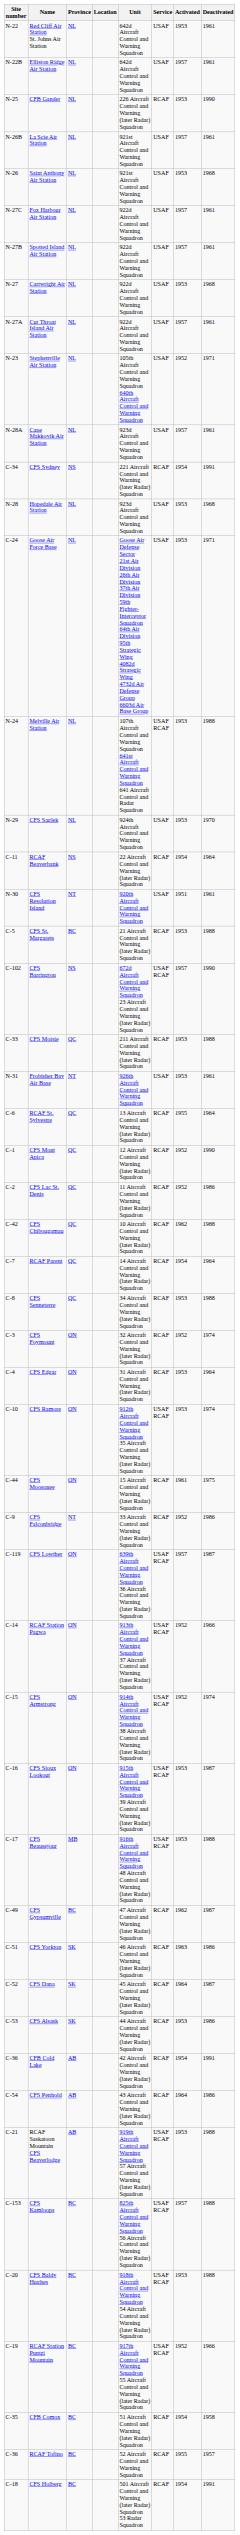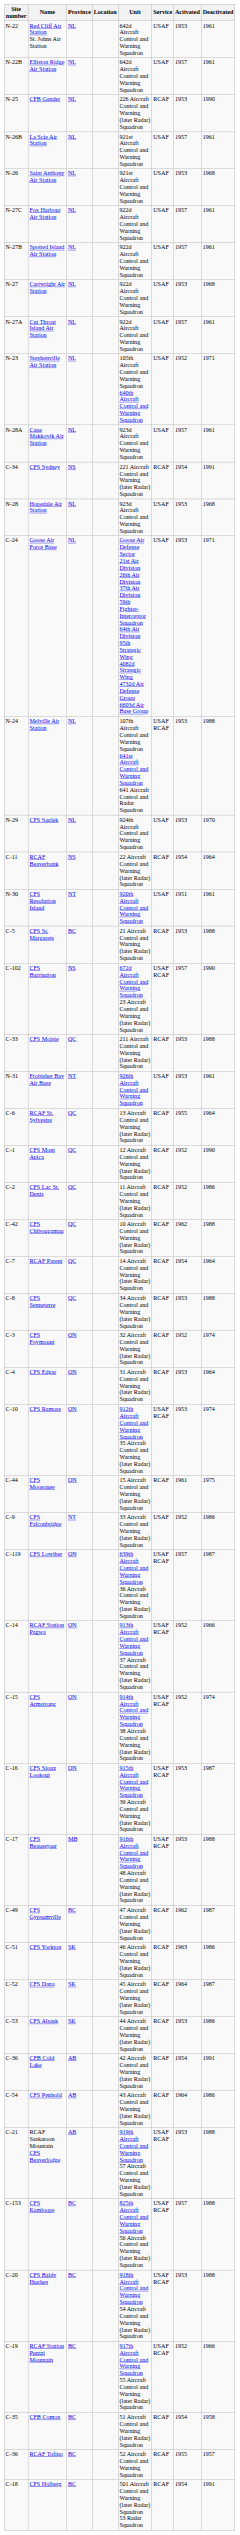 <table class="wikitable sortable">
 <tr>
 <th>Site number</th>
 <th>Name</th>
 <th>Province</th>
 <th>Location</th>
 <th>Unit</th>
 <th>Service</th>
 <th>Activated</th>
 <th>Deactivated</th>
 </tr>
 <tr valign="top">
 <td>N-22</td>
 <td><a href='#'>Red Cliff Air Station</a><br>St. Johns Air Station</td>
 <td><a href='#'>NL</a></td>
 <td> </td>
 <td>642d Aircraft Control and Warning Squadron</td>
 <td>USAF</td>
 <td>1953</td>
 <td>1961</td>
 </tr>
 <tr valign="top">
 <td>N-22B</td>
 <td><a href='#'>Elliston Ridge Air Station</a></td>
 <td><a href='#'>NL</a></td>
 <td> </td>
 <td>642d Aircraft Control and Warning Squadron</td>
 <td>USAF</td>
 <td>1957</td>
 <td>1961</td>
 </tr>
 <tr valign="top">
 <td>N-25</td>
 <td><a href='#'>CFB Gander</a></td>
 <td><a href='#'>NL</a></td>
 <td> </td>
 <td>226 Aircraft Control and Warning (later Radar) Squadron</td>
 <td>RCAF</td>
 <td>1953</td>
 <td>1990</td>
 </tr>
 <tr valign="top">
 <td>N-26B</td>
 <td><a href='#'>La Scie Air Station</a></td>
 <td><a href='#'>NL</a></td>
 <td> </td>
 <td>921st Aircraft Control and Warning Squadron</td>
 <td>USAF</td>
 <td>1957</td>
 <td>1961</td>
 </tr>
 <tr valign="top">
 <td>N-26</td>
 <td><a href='#'>Saint Anthony Air Station</a></td>
 <td><a href='#'>NL</a></td>
 <td> </td>
 <td>921st Aircraft Control and Warning Squadron</td>
 <td>USAF</td>
 <td>1953</td>
 <td>1968</td>
 </tr>
 <tr valign="top">
 <td>N-27C</td>
 <td><a href='#'>Fox Harbour Air Station</a></td>
 <td><a href='#'>NL</a></td>
 <td> </td>
 <td>922d Aircraft Control and Warning Squadron</td>
 <td>USAF</td>
 <td>1957</td>
 <td>1961</td>
 </tr>
 <tr valign="top">
 <td>N-27B</td>
 <td><a href='#'>Spotted Island Air Station</a></td>
 <td><a href='#'>NL</a></td>
 <td> </td>
 <td>922d Aircraft Control and Warning Squadron</td>
 <td>USAF</td>
 <td>1957</td>
 <td>1961</td>
 </tr>
 <tr valign="top">
 <td>N-27</td>
 <td><a href='#'>Cartwright Air Station</a></td>
 <td><a href='#'>NL</a></td>
 <td> </td>
 <td>922d Aircraft Control and Warning Squadron</td>
 <td>USAF</td>
 <td>1953</td>
 <td>1968</td>
 </tr>
 <tr valign="top">
 <td>N-27A</td>
 <td><a href='#'>Cut Throat Island Air Station</a></td>
 <td><a href='#'>NL</a></td>
 <td> </td>
 <td>922d Aircraft Control and Warning Squadron</td>
 <td>USAF</td>
 <td>1957</td>
 <td>1961</td>
 </tr>
 <tr valign="top">
 <td>N-23</td>
 <td><a href='#'>Stephenville Air Station</a></td>
 <td><a href='#'>NL</a></td>
 <td> </td>
 <td>105th Aircraft Control and Warning Squadron<br><a href='#'>640th Aircraft Control and Warning Squadron</a></td>
 <td>USAF</td>
 <td>1952</td>
 <td>1971</td>
 </tr>
 <tr valign="top">
 <td>N-28A</td>
 <td><a href='#'>Cape Makkovik Air Station</a></td>
 <td><a href='#'>NL</a></td>
 <td> </td>
 <td>923d Aircraft Control and Warning Squadron</td>
 <td>USAF</td>
 <td>1957</td>
 <td>1961</td>
 </tr>
 <tr valign="top">
 <td>C-34</td>
 <td><a href='#'>CFS Sydney</a></td>
 <td><a href='#'>NS</a></td>
 <td> </td>
 <td>221 Aircraft Control and Warning (later Radar) Squadron</td>
 <td>RCAF</td>
 <td>1954</td>
 <td>1991</td>
 </tr>
 <tr valign="top">
 <td>N-28</td>
 <td><a href='#'>Hopedale Air Station</a></td>
 <td><a href='#'>NL</a></td>
 <td> </td>
 <td>923d Aircraft Control and Warning Squadron</td>
 <td>USAF</td>
 <td>1953</td>
 <td>1968</td>
 </tr>
 <tr valign="top">
 <td>C-24</td>
 <td><a href='#'>Goose Air Force Base</a></td>
 <td><a href='#'>NL</a></td>
 <td> </td>
 <td><a href='#'>Goose Air Defense Sector</a><br><a href='#'>21st Air Division</a><br><a href='#'>26th Air Division</a><br><a href='#'>37th Air Division</a><br><a href='#'>59th Fighter-Interceptor Squadron</a><br><a href='#'>64th Air Division</a><br><a href='#'>95th Strategic Wing</a><br><a href='#'>4082d Strategic Wing</a><br><a href='#'>4732d Air Defense Group</a><br><a href='#'>6603d Air Base Group</a></td>
 <td>USAF</td>
 <td>1953</td>
 <td>1971</td>
 </tr>
 <tr valign="top">
 <td>N-24</td>
 <td><a href='#'>Melville Air Station</a></td>
 <td><a href='#'>NL</a></td>
 <td> </td>
 <td>107th Aircraft Control and Warning Squadron<br><a href='#'>641st Aircraft Control and Warning Squadron</a><br>641 Aircraft Control and Radar Squadron</td>
 <td>USAF<br>RCAF</td>
 <td>1953</td>
 <td>1988</td>
 </tr>
 <tr valign="top">
 <td>N-29</td>
 <td><a href='#'>CFS Saglek</a></td>
 <td><a href='#'>NL</a></td>
 <td> </td>
 <td>924th Aircraft Control and Warning Squadron</td>
 <td>USAF</td>
 <td>1953</td>
 <td>1970</td>
 </tr>
 <tr valign="top">
 <td>C-11</td>
 <td><a href='#'>RCAF Beaverbank</a></td>
 <td><a href='#'>NS</a></td>
 <td> </td>
 <td>22 Aircraft Control and Warning (later Radar) Squadron</td>
 <td>RCAF</td>
 <td>1954</td>
 <td>1964</td>
 </tr>
 <tr valign="top">
 <td>N-30</td>
 <td><a href='#'>CFS Resolution Island</a></td>
 <td><a href='#'>NT</a></td>
 <td> </td>
 <td><a href='#'>920th Aircraft Control and Warning Squadron</a></td>
 <td>USAF</td>
 <td>1951</td>
 <td>1961</td>
 </tr>
 <tr valign="top">
 <td>C-5</td>
 <td><a href='#'>CFS St. Margarets</a></td>
 <td><a href='#'>BC</a></td>
 <td> </td>
 <td>21 Aircraft Control and Warning (later Radar) Squadron</td>
 <td>RCAF</td>
 <td>1953</td>
 <td>1988</td>
 </tr>
 <tr valign="top">
 <td>C-102</td>
 <td><a href='#'>CFS Barrington</a></td>
 <td><a href='#'>NS</a></td>
 <td> </td>
 <td><a href='#'>672d Aircraft Control and Warning Squadron</a><br>23 Aircraft Control and Warning (later Radar) Squadron</td>
 <td>USAF<br>RCAF</td>
 <td>1957</td>
 <td>1990</td>
 </tr>
 <tr valign="top">
 <td>C-33</td>
 <td><a href='#'>CFS Moisie</a></td>
 <td><a href='#'>QC</a></td>
 <td> </td>
 <td>211 Aircraft Control and Warning (later Radar) Squadron</td>
 <td>RCAF</td>
 <td>1953</td>
 <td>1988</td>
 </tr>
 <tr valign="top">
 <td>N-31</td>
 <td><a href='#'>Frobisher Bay Air Base</a></td>
 <td><a href='#'>NT</a></td>
 <td> </td>
 <td><a href='#'>926th Aircraft Control and Warning Squadron</a></td>
 <td>USAF</td>
 <td>1953</td>
 <td>1961</td>
 </tr>
 <tr valign="top">
 <td>C-6</td>
 <td><a href='#'>RCAF St. Sylvestre</a></td>
 <td><a href='#'>QC</a></td>
 <td> </td>
 <td>13 Aircraft Control and Warning (later Radar) Squadron</td>
 <td>RCAF</td>
 <td>1955</td>
 <td>1964</td>
 </tr>
 <tr valign="top">
 <td>C-1</td>
 <td><a href='#'>CFS Mont Apica</a></td>
 <td><a href='#'>QC</a></td>
 <td> </td>
 <td>12 Aircraft Control and Warning (later Radar) Squadron</td>
 <td>RCAF</td>
 <td>1952</td>
 <td>1990</td>
 </tr>
 <tr valign="top">
 <td>C-2</td>
 <td><a href='#'>CFS Lac St. Denis</a></td>
 <td><a href='#'>QC</a></td>
 <td> </td>
 <td>11 Aircraft Control and Warning (later Radar) Squadron</td>
 <td>RCAF</td>
 <td>1952</td>
 <td>1986</td>
 </tr>
 <tr valign="top">
 <td>C-42</td>
 <td><a href='#'>CFS Chibougamau</a></td>
 <td><a href='#'>QC</a></td>
 <td> </td>
 <td>10 Aircraft Control and Warning (later Radar) Squadron</td>
 <td>RCAF</td>
 <td>1962</td>
 <td>1988</td>
 </tr>
 <tr valign="top">
 <td>C-7</td>
 <td><a href='#'>RCAF Parent</a></td>
 <td><a href='#'>QC</a></td>
 <td> </td>
 <td>14 Aircraft Control and Warning (later Radar) Squadron</td>
 <td>RCAF</td>
 <td>1954</td>
 <td>1964</td>
 </tr>
 <tr valign="top">
 <td>C-8</td>
 <td><a href='#'>CFS Senneterre</a></td>
 <td><a href='#'>QC</a></td>
 <td> </td>
 <td>34 Aircraft Control and Warning (later Radar) Squadron</td>
 <td>RCAF</td>
 <td>1953</td>
 <td>1988</td>
 </tr>
 <tr valign="top">
 <td>C-3</td>
 <td><a href='#'>CFS Foymount</a></td>
 <td><a href='#'>ON</a></td>
 <td> </td>
 <td>32 Aircraft Control and Warning (later Radar) Squadron</td>
 <td>RCAF</td>
 <td>1952</td>
 <td>1974</td>
 </tr>
 <tr valign="top">
 <td>C-4</td>
 <td><a href='#'>CFS Edgar</a></td>
 <td><a href='#'>ON</a></td>
 <td> </td>
 <td>31 Aircraft Control and Warning (later Radar) Squadron</td>
 <td>RCAF</td>
 <td>1953</td>
 <td>1964</td>
 </tr>
 <tr valign="top">
 <td>C-10</td>
 <td><a href='#'>CFS Ramore</a></td>
 <td><a href='#'>ON</a></td>
 <td> </td>
 <td><a href='#'>912th Aircraft Control and Warning Squadron</a><br>35 Aircraft Control and Warning (later Radar) Squadron</td>
 <td>USAF<br>RCAF</td>
 <td>1953</td>
 <td>1974</td>
 </tr>
 <tr valign="top">
 <td>C-44</td>
 <td><a href='#'>CFS Moosonee</a></td>
 <td><a href='#'>ON</a></td>
 <td> </td>
 <td>15 Aircraft Control and Warning (later Radar) Squadron</td>
 <td>RCAF</td>
 <td>1961</td>
 <td>1975</td>
 </tr>
 <tr valign="top">
 <td>C-9</td>
 <td><a href='#'>CFS Falconbridge</a></td>
 <td><a href='#'>NT</a></td>
 <td> </td>
 <td>33 Aircraft Control and Warning (later Radar) Squadron</td>
-<td>RCAF</td>
+<td>USAF</td>
 <td>1952</td>
 <td>1986</td>
 </tr>
 <tr valign="top">
 <td>C-119</td>
 <td><a href='#'>CFS Lowther</a></td>
 <td><a href='#'>ON</a></td>
 <td> </td>
 <td><a href='#'>639th Aircraft Control and Warning Squadron</a><br>36 Aircraft Control and Warning (later Radar) Squadron</td>
 <td>USAF<br>RCAF</td>
 <td>1957</td>
 <td>1987</td>
 </tr>
 <tr valign="top">
 <td>C-14</td>
 <td><a href='#'>RCAF Station Pagwa</a></td>
 <td><a href='#'>ON</a></td>
 <td> </td>
 <td><a href='#'>913th Aircraft Control and Warning Squadron</a><br>37 Aircraft Control and Warning (later Radar) Squadron</td>
 <td>USAF<br>RCAF</td>
 <td>1952</td>
 <td>1966</td>
 </tr>
 <tr valign="top">
 <td>C-15</td>
 <td><a href='#'>CFS Armstrong</a></td>
 <td><a href='#'>ON</a></td>
 <td> </td>
 <td><a href='#'>914th Aircraft Control and Warning Squadron</a><br>38 Aircraft Control and Warning (later Radar) Squadron</td>
 <td>USAF<br>RCAF</td>
 <td>1952</td>
 <td>1974</td>
 </tr>
 <tr valign="top">
 <td>C-16</td>
 <td><a href='#'>CFS Sioux Lookout</a></td>
 <td><a href='#'>ON</a></td>
 <td> </td>
 <td><a href='#'>915th Aircraft Control and Warning Squadron</a><br>39 Aircraft Control and Warning (later Radar) Squadron</td>
 <td>USAF<br>RCAF</td>
 <td>1953</td>
 <td>1987</td>
 </tr>
 <tr valign="top">
 <td>C-17</td>
 <td><a href='#'>CFS Beausejour</a></td>
 <td><a href='#'>MB</a></td>
 <td> </td>
 <td><a href='#'>916th Aircraft Control and Warning Squadron</a><br>48 Aircraft Control and Warning (later Radar) Squadron</td>
 <td>USAF<br>RCAF</td>
 <td>1953</td>
 <td>1988</td>
 </tr>
 <tr valign="top">
 <td>C-49</td>
 <td><a href='#'>CFS Gypsumville</a></td>
 <td><a href='#'>BC</a></td>
 <td> </td>
 <td>47 Aircraft Control and Warning (later Radar) Squadron</td>
 <td>RCAF</td>
 <td>1962</td>
 <td>1987</td>
 </tr>
 <tr valign="top">
 <td>C-51</td>
 <td><a href='#'>CFS Yorkton</a></td>
 <td><a href='#'>SK</a></td>
 <td> </td>
 <td>46 Aircraft Control and Warning (later Radar) Squadron</td>
 <td>RCAF</td>
 <td>1963</td>
 <td>1986</td>
 </tr>
 <tr valign="top">
 <td>C-52</td>
 <td><a href='#'>CFS Dana</a></td>
 <td><a href='#'>SK</a></td>
 <td> </td>
 <td>45 Aircraft Control and Warning (later Radar) Squadron</td>
 <td>RCAF</td>
 <td>1964</td>
 <td>1987</td>
 </tr>
 <tr valign="top">
 <td>C-53</td>
 <td><a href='#'>CFS Alsask</a></td>
 <td><a href='#'>SK</a></td>
 <td> </td>
 <td>44 Aircraft Control and Warning (later Radar) Squadron</td>
 <td>RCAF</td>
 <td>1953</td>
 <td>1986</td>
 </tr>
 <tr valign="top">
 <td>C-36</td>
 <td><a href='#'>CFB Cold Lake</a></td>
 <td><a href='#'>AB</a></td>
 <td> </td>
 <td>42 Aircraft Control and Warning (later Radar) Squadron</td>
 <td>RCAF</td>
 <td>1954</td>
 <td>1991</td>
 </tr>
 <tr valign="top">
 <td>C-54</td>
 <td><a href='#'>CFS Penhold</a></td>
 <td><a href='#'>AB</a></td>
 <td> </td>
 <td>43 Aircraft Control and Warning (later Radar) Squadron</td>
 <td>RCAF</td>
 <td>1964</td>
 <td>1986</td>
 </tr>
 <tr valign="top">
 <td>C-21</td>
 <td>RCAF Saskatoon Mountain<br><a href='#'>CFS Beaverlodge</a></td>
 <td><a href='#'>AB</a></td>
 <td> </td>
 <td><a href='#'>919th Aircraft Control and Warning Squadron</a><br>57 Aircraft Control and Warning (later Radar) Squadron</td>
 <td>USAF<br>RCAF</td>
 <td>1953</td>
 <td>1988</td>
 </tr>
 <tr valign="top">
 <td>C-153</td>
 <td><a href='#'>CFS Kamloops</a></td>
 <td><a href='#'>BC</a></td>
 <td> </td>
 <td><a href='#'>825th Aircraft Control and Warning Squadron</a><br>56 Aircraft Control and Warning (later Radar) Squadron</td>
 <td>USAF<br>RCAF</td>
 <td>1957</td>
 <td>1988</td>
 </tr>
 <tr valign="top">
 <td>C-20</td>
 <td><a href='#'>CFS Baldy Hughes</a></td>
 <td><a href='#'>BC</a></td>
 <td> </td>
 <td><a href='#'>918th Aircraft Control and Warning Squadron</a><br>54 Aircraft Control and Warning (later Radar) Squadron</td>
 <td>USAF<br>RCAF</td>
 <td>1953</td>
 <td>1988</td>
 </tr>
 <tr valign="top">
 <td>C-19</td>
 <td><a href='#'>RCAF Station Puntzi Mountain</a></td>
 <td><a href='#'>BC</a></td>
 <td> </td>
 <td><a href='#'>917th Aircraft Control and Warning Squadron</a><br>55 Aircraft Control and Warning (later Radar) Squadron</td>
 <td>USAF<br>RCAF</td>
 <td>1952</td>
 <td>1966</td>
 </tr>
 <tr valign="top">
 <td>C-35</td>
 <td><a href='#'>CFB Comox</a></td>
 <td><a href='#'>BC</a></td>
 <td> </td>
 <td>51 Aircraft Control and Warning (later Radar) Squadron</td>
 <td>RCAF</td>
 <td>1954</td>
 <td>1958</td>
 </tr>
 <tr valign="top">
 <td>C-36</td>
 <td><a href='#'>RCAF Tofino</a></td>
 <td><a href='#'>BC</a></td>
 <td> </td>
 <td>52 Aircraft Control and Warning Squadron</td>
 <td>RCAF</td>
 <td>1955</td>
 <td>1957</td>
 </tr>
 <tr valign="top">
 <td>C-18</td>
 <td><a href='#'>CFS Holberg</a></td>
 <td><a href='#'>BC</a></td>
 <td> </td>
 <td>501 Aircraft Control and Warning (later Radar) Squadron<br>53 Radar Squadron</td>
 <td>RCAF</td>
 <td>1954</td>
 <td>1991</td>
 </tr>
 </table>
